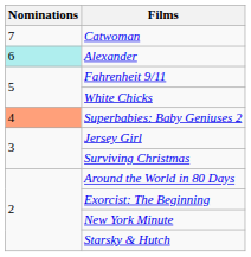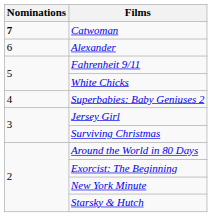 <table class="wikitable">
 <tr>
 <th>Nominations</th>
 <th>Films</th>
 </tr>
 <tr>
-<td>7</td>
+<td><strong>7</strong></td>
 <td><a href='#'><em>Catwoman</em></a></td>
 </tr>
 <tr>
-<td style="background: paleturquoise;">6</td>
+<td>6</td>
 <td><a href='#'><em>Alexander</em></a></td>
 </tr>
 <tr>
 <td rowspan="2">5</td>
 <td><em><a href='#'>Fahrenheit 9/11</a></em></td>
 </tr>
 <tr>
 <td><em><a href='#'>White Chicks</a></em></td>
 </tr>
 <tr>
-<td style="background: lightsalmon;">4</td>
+<td>4</td>
 <td><em><a href='#'>Superbabies: Baby Geniuses 2</a></em></td>
 </tr>
 <tr>
 <td rowspan="2">3</td>
 <td><a href='#'><em>Jersey Girl</em></a></td>
 </tr>
 <tr>
 <td><em><a href='#'>Surviving Christmas</a></em></td>
 </tr>
 <tr>
 <td rowspan="4">2</td>
 <td><a href='#'><em>Around the World in 80 Days</em></a></td>
 </tr>
 <tr>
 <td><em><a href='#'>Exorcist: The Beginning</a></em></td>
 </tr>
 <tr>
 <td><a href='#'><em>New York Minute</em></a></td>
 </tr>
 <tr>
 <td><a href='#'><em>Starsky & Hutch</em></a></td>
 </tr>
 </table>
